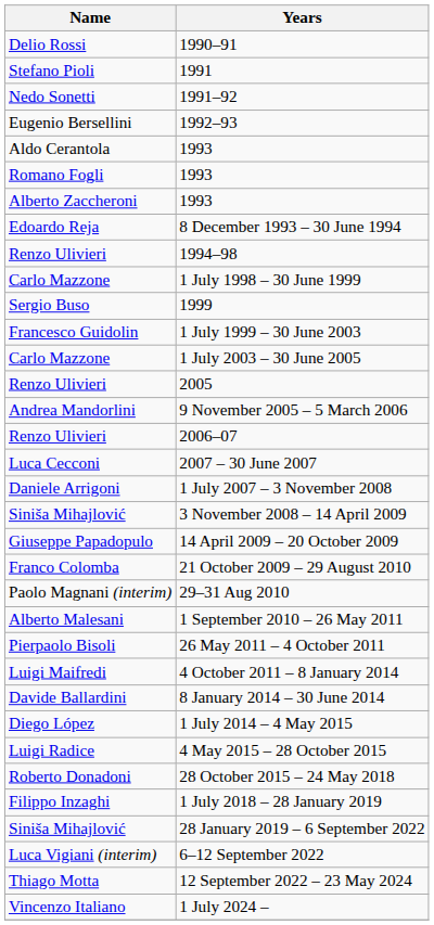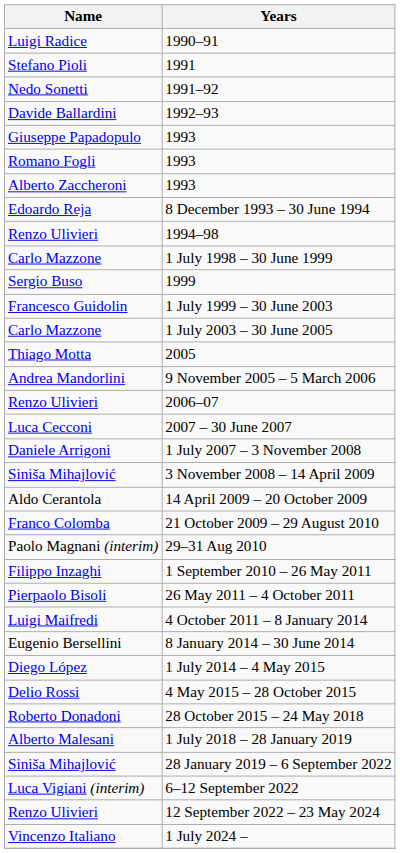 <table class="wikitable" style="float:left; margin-right:1em;">
 <tr>
 <th>Name</th>
 <th>Years</th>
 </tr>
 <tr>
-<td><a href='#'>Delio Rossi</a></td>
+<td><a href='#'>Luigi Radice</a></td>
 <td>1990–91</td>
 </tr>
 <tr>
 <td><a href='#'>Stefano Pioli</a></td>
 <td>1991</td>
 </tr>
 <tr>
 <td><a href='#'>Nedo Sonetti</a></td>
 <td>1991–92</td>
 </tr>
 <tr>
-<td>Eugenio Bersellini</td>
+<td><a href='#'>Davide Ballardini</a></td>
 <td>1992–93</td>
 </tr>
 <tr>
-<td>Aldo Cerantola</td>
+<td><a href='#'>Giuseppe Papadopulo</a></td>
 <td>1993</td>
 </tr>
 <tr>
 <td><a href='#'>Romano Fogli</a></td>
 <td>1993</td>
 </tr>
 <tr>
 <td><a href='#'>Alberto Zaccheroni</a></td>
 <td>1993</td>
 </tr>
 <tr>
 <td><a href='#'>Edoardo Reja</a></td>
 <td>8 December 1993 – 30 June 1994</td>
 </tr>
 <tr>
 <td><a href='#'>Renzo Ulivieri</a></td>
 <td>1994–98</td>
 </tr>
 <tr>
 <td><a href='#'>Carlo Mazzone</a></td>
 <td>1 July 1998 – 30 June 1999</td>
 </tr>
 <tr>
 <td><a href='#'>Sergio Buso</a></td>
 <td>1999</td>
 </tr>
 <tr>
 <td><a href='#'>Francesco Guidolin</a></td>
 <td>1 July 1999 – 30 June 2003</td>
 </tr>
 <tr>
 <td><a href='#'>Carlo Mazzone</a></td>
 <td>1 July 2003 – 30 June 2005</td>
 </tr>
 <tr>
-<td><a href='#'>Renzo Ulivieri</a></td>
+<td><a href='#'>Thiago Motta</a></td>
 <td>2005</td>
 </tr>
 <tr>
 <td><a href='#'>Andrea Mandorlini</a></td>
 <td>9 November 2005 – 5 March 2006</td>
 </tr>
 <tr>
 <td><a href='#'>Renzo Ulivieri</a></td>
 <td>2006–07</td>
 </tr>
 <tr>
 <td><a href='#'>Luca Cecconi</a></td>
 <td>2007 – 30 June 2007</td>
 </tr>
 <tr>
 <td><a href='#'>Daniele Arrigoni</a></td>
 <td>1 July 2007 – 3 November 2008</td>
 </tr>
 <tr>
 <td><a href='#'>Siniša Mihajlović</a></td>
 <td>3 November 2008 – 14 April 2009</td>
 </tr>
 <tr>
-<td><a href='#'>Giuseppe Papadopulo</a></td>
+<td>Aldo Cerantola</td>
 <td>14 April 2009 – 20 October 2009</td>
 </tr>
 <tr>
 <td><a href='#'>Franco Colomba</a></td>
 <td>21 October 2009 – 29 August 2010</td>
 </tr>
 <tr>
 <td>Paolo Magnani <em>(interim)</em></td>
 <td>29–31 Aug 2010</td>
 </tr>
 <tr>
-<td><a href='#'>Alberto Malesani</a></td>
+<td><a href='#'>Filippo Inzaghi</a></td>
 <td>1 September 2010 – 26 May 2011</td>
 </tr>
 <tr>
 <td><a href='#'>Pierpaolo Bisoli</a></td>
 <td>26 May 2011 – 4 October 2011</td>
 </tr>
 <tr>
 <td><a href='#'>Luigi Maifredi</a></td>
 <td>4 October 2011 – 8 January 2014</td>
 </tr>
 <tr>
-<td><a href='#'>Davide Ballardini</a></td>
+<td>Eugenio Bersellini</td>
 <td>8 January 2014 – 30 June 2014</td>
 </tr>
 <tr>
 <td><a href='#'>Diego López</a></td>
 <td>1 July 2014 – 4 May 2015</td>
 </tr>
 <tr>
-<td><a href='#'>Luigi Radice</a></td>
+<td><a href='#'>Delio Rossi</a></td>
 <td>4 May 2015 – 28 October 2015</td>
 </tr>
 <tr>
 <td><a href='#'>Roberto Donadoni</a></td>
 <td>28 October 2015 – 24 May 2018</td>
 </tr>
 <tr>
-<td><a href='#'>Filippo Inzaghi</a></td>
+<td><a href='#'>Alberto Malesani</a></td>
 <td>1 July 2018 – 28 January 2019</td>
 </tr>
 <tr>
 <td><a href='#'>Siniša Mihajlović</a></td>
 <td>28 January 2019 – 6 September 2022</td>
 </tr>
 <tr>
 <td><a href='#'>Luca Vigiani</a> <em>(interim)</em></td>
 <td>6–12 September 2022</td>
 </tr>
 <tr>
-<td><a href='#'>Thiago Motta</a></td>
+<td><a href='#'>Renzo Ulivieri</a></td>
 <td>12 September 2022 – 23 May 2024</td>
 </tr>
 <tr>
 <td><a href='#'>Vincenzo Italiano</a></td>
 <td>1 July 2024 –</td>
 </tr>
 <tr>
 </tr>
 </table>
